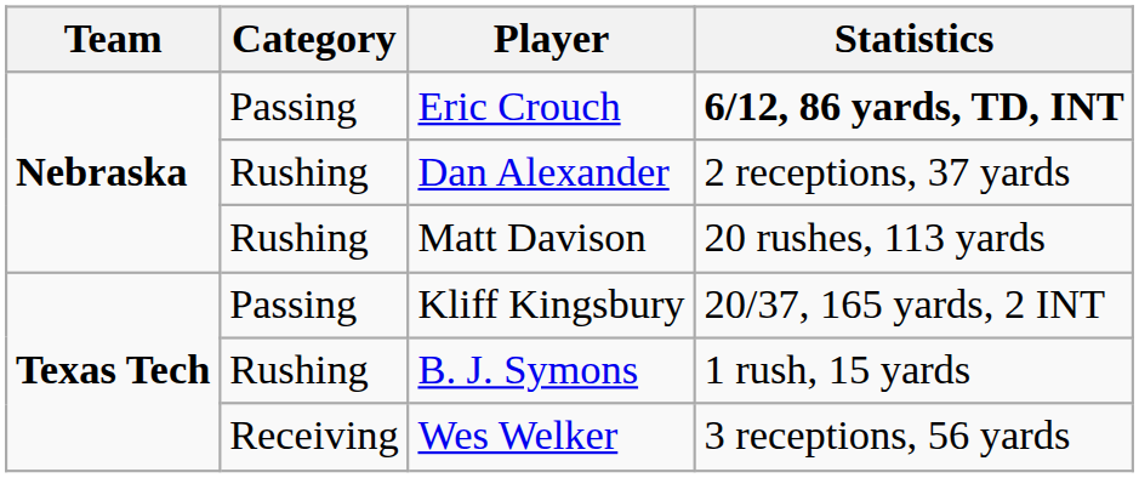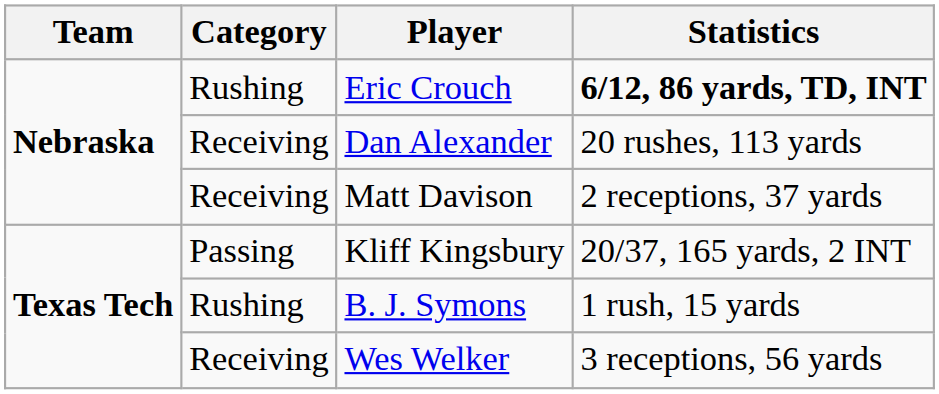 <table class="wikitable" style="float: left;">
 <tr>
 <th>Team</th>
 <th>Category</th>
 <th>Player</th>
 <th>Statistics</th>
 </tr>
 <tr>
 <td rowspan=3><strong>Nebraska</strong></td>
-<td>Passing</td>
+<td>Rushing</td>
 <td><a href='#'>Eric Crouch</a></td>
 <td><strong>6/12, 86 yards, TD, INT</strong></td>
 </tr>
 <tr>
-<td>Rushing</td>
+<td>Receiving</td>
 <td><a href='#'>Dan Alexander</a></td>
-<td>2 receptions, 37 yards</td>
+<td>20 rushes, 113 yards</td>
 </tr>
 <tr>
-<td>Rushing</td>
+<td>Receiving</td>
 <td>Matt Davison</td>
-<td>20 rushes, 113 yards</td>
+<td>2 receptions, 37 yards</td>
 </tr>
 <tr>
 <td rowspan=3><strong>Texas Tech</strong></td>
 <td>Passing</td>
 <td>Kliff Kingsbury</td>
 <td>20/37, 165 yards, 2 INT</td>
 </tr>
 <tr>
 <td>Rushing</td>
 <td><a href='#'>B. J. Symons</a></td>
 <td>1 rush, 15 yards</td>
 </tr>
 <tr>
 <td>Receiving</td>
 <td><a href='#'>Wes Welker</a></td>
 <td>3 receptions, 56 yards</td>
 </tr>
 </table>
